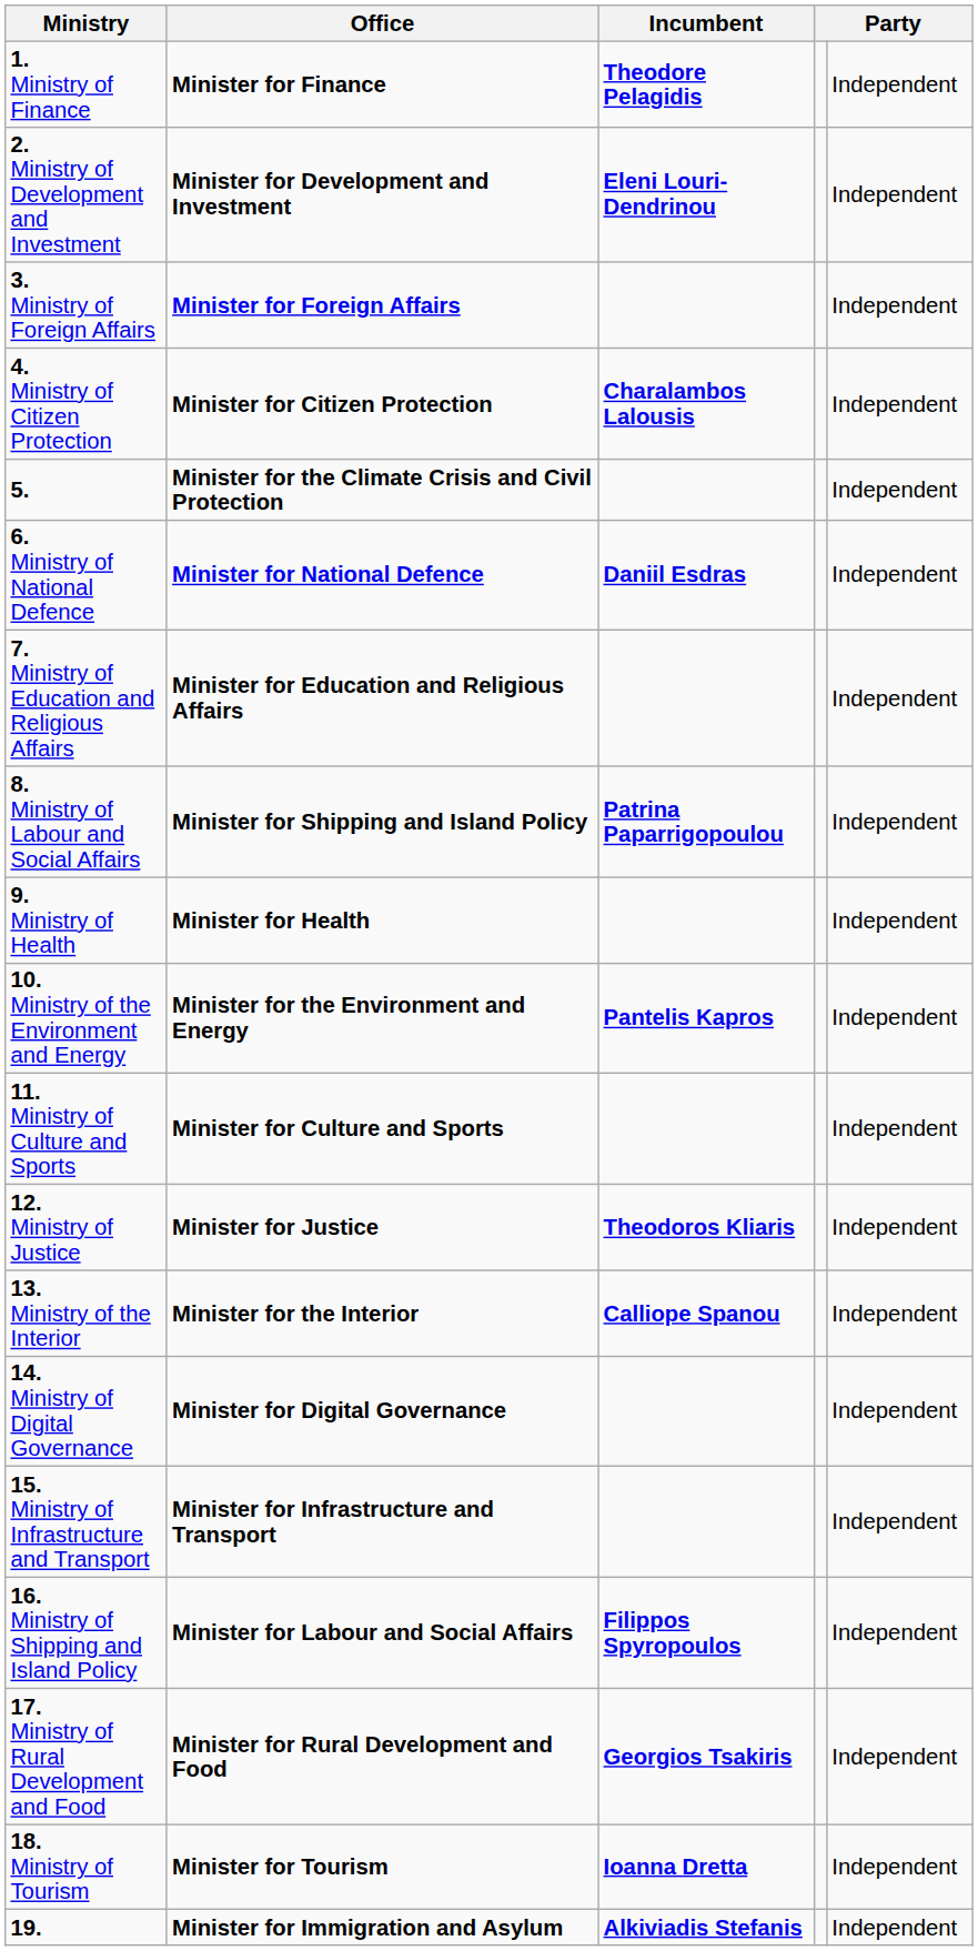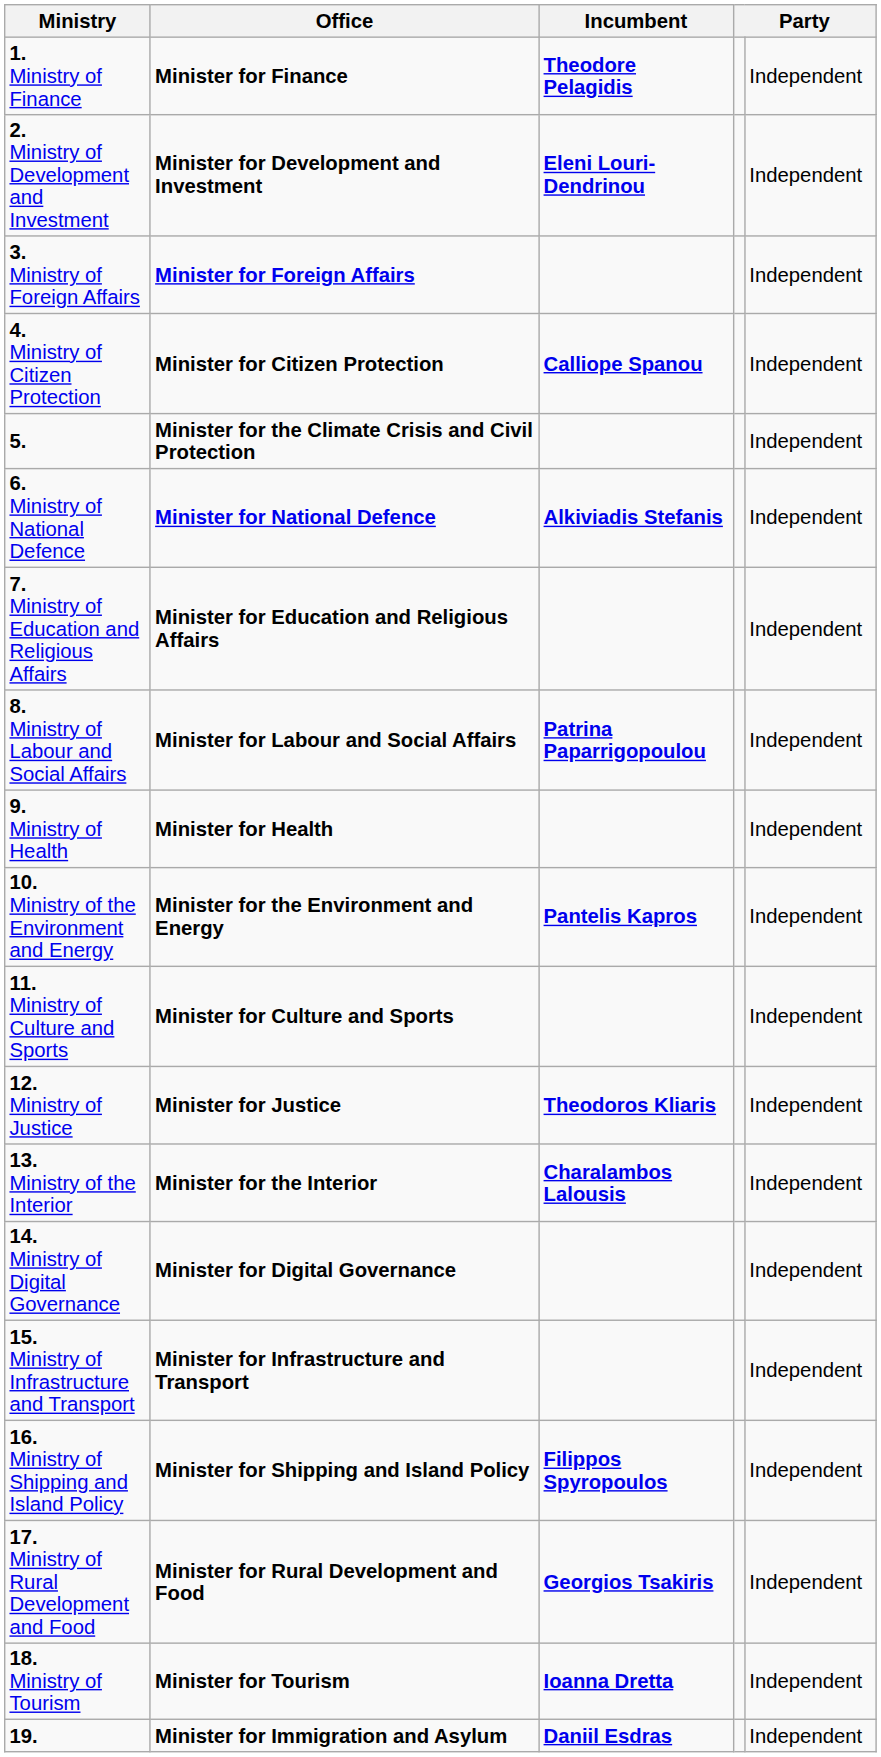 <table class="wikitable" style="width: 70%; font-size: 90%;">
 <tr>
 <th width="15%">Ministry</th>
 <th width="40%">Office</th>
 <th width="20%">Incumbent</th>
 <th width="10%" colspan="2">Party</th>
 </tr>
 <tr>
 <td rowspan=1><strong>1.</strong><br><a href='#'>Ministry of Finance</a></td>
 <td><strong>Minister for Finance</strong></td>
 <td><strong><a href='#'>Theodore Pelagidis</a></strong></td>
 <td width=5px style="background-color: "></td>
 <td>Independent</td>
 </tr>
 <tr>
 <td rowspan=1><strong>2.</strong><br><a href='#'>Ministry of Development and Investment</a></td>
 <td><strong>Minister for Development and Investment</strong></td>
 <td><strong><a href='#'>Eleni Louri-Dendrinou</a></strong></td>
 <td width=5px style="background-color: "></td>
 <td>Independent</td>
 </tr>
 <tr>
 <td rowspan=1><strong>3.</strong><br><a href='#'>Ministry of Foreign Affairs</a></td>
 <td><strong><a href='#'>Minister for Foreign Affairs</a></strong></td>
 <td><strong></strong></td>
 <td width=5px style="background-color: "></td>
 <td>Independent</td>
 </tr>
 <tr>
 <td rowspan=1><strong>4.</strong><br><a href='#'>Ministry of Citizen Protection</a></td>
 <td><strong>Minister for Citizen Protection</strong></td>
-<td><strong><a href='#'>Charalambos Lalousis</a></strong></td>
+<td><strong><a href='#'>Calliope Spanou</a></strong></td>
 <td width=5px style="background-color: "></td>
 <td>Independent</td>
 </tr>
 <tr>
 <td rowspan=1><strong>5.</strong><br></td>
 <td><strong>Minister for the Climate Crisis and Civil Protection</strong></td>
 <td><strong></strong></td>
 <td width=5px style="background-color: "></td>
 <td>Independent</td>
 </tr>
 <tr>
 <td rowspan=1><strong>6.</strong><br><a href='#'>Ministry of National Defence</a></td>
 <td><strong><a href='#'>Minister for National Defence</a></strong></td>
-<td><strong><a href='#'>Daniil Esdras</a></strong></td>
+<td><strong><a href='#'>Alkiviadis Stefanis</a></strong></td>
 <td width=5px style="background-color: "></td>
 <td>Independent</td>
 </tr>
 <tr>
 <td rowspan=1><strong>7.</strong><br><a href='#'>Ministry of Education and Religious Affairs</a></td>
 <td><strong>Minister for Education and Religious Affairs</strong></td>
 <td><strong></strong></td>
 <td width=5px style="background-color: "></td>
 <td>Independent</td>
 </tr>
 <tr>
 <td rowspan=1><strong>8.</strong><br><a href='#'>Ministry of Labour and Social Affairs</a></td>
-<td><strong>Minister for Shipping and Island Policy</strong></td>
+<td><strong>Minister for Labour and Social Affairs</strong></td>
 <td><strong><a href='#'>Patrina Paparrigopoulou</a></strong></td>
 <td width=5px style="background-color: "></td>
 <td>Independent</td>
 </tr>
 <tr>
 <td rowspan=1><strong>9.</strong><br><a href='#'>Ministry of Health</a></td>
 <td><strong>Minister for Health</strong></td>
 <td><strong></strong></td>
 <td width=5px style="background-color: "></td>
 <td>Independent</td>
 </tr>
 <tr>
 <td rowspan=1><strong>10.</strong><br><a href='#'>Ministry of the Environment and Energy</a></td>
 <td><strong>Minister for the Environment and Energy</strong></td>
 <td><strong><a href='#'>Pantelis Kapros</a></strong></td>
 <td width=5px style="background-color: "></td>
 <td>Independent</td>
 </tr>
 <tr>
 <td rowspan=1><strong>11.</strong><br><a href='#'>Ministry of Culture and Sports</a></td>
 <td><strong>Minister for Culture and Sports</strong></td>
 <td><strong></strong></td>
 <td width=5px style="background-color: "></td>
 <td>Independent</td>
 </tr>
 <tr>
 <td rowspan=1><strong>12.</strong><br><a href='#'>Ministry of Justice</a></td>
 <td><strong>Minister for Justice</strong></td>
 <td><strong><a href='#'>Theodoros Kliaris</a></strong></td>
 <td width=5px style="background-color: "></td>
 <td>Independent</td>
 </tr>
 <tr>
 <td rowspan=1><strong>13.</strong><br><a href='#'>Ministry of the Interior</a></td>
 <td><strong>Minister for the Interior</strong></td>
-<td><strong><a href='#'>Calliope Spanou</a></strong></td>
+<td><strong><a href='#'>Charalambos Lalousis</a></strong></td>
 <td width=5px style="background-color: "></td>
 <td>Independent</td>
 </tr>
 <tr>
 <td rowspan=1><strong>14.</strong><br><a href='#'>Ministry of Digital Governance</a></td>
 <td><strong>Minister for Digital Governance</strong></td>
 <td><strong></strong></td>
 <td width=5px style="background-color: "></td>
 <td>Independent</td>
 </tr>
 <tr>
 <td rowspan=1><strong>15.</strong><br><a href='#'>Ministry of Infrastructure and Transport</a></td>
 <td><strong>Minister for Infrastructure and Transport</strong></td>
 <td><strong></strong></td>
 <td width=5px style="background-color: "></td>
 <td>Independent</td>
 </tr>
 <tr>
 <td rowspan=1><strong>16.</strong><br><a href='#'>Ministry of Shipping and Island Policy</a></td>
-<td><strong>Minister for Labour and Social Affairs</strong></td>
+<td><strong>Minister for Shipping and Island Policy</strong></td>
 <td><strong><a href='#'>Filippos Spyropoulos</a></strong></td>
 <td width=5px style="background-color: "></td>
 <td>Independent</td>
 </tr>
 <tr>
 <td rowspan=1><strong>17.</strong><br><a href='#'>Ministry of Rural Development and Food</a></td>
 <td><strong>Minister for Rural Development and Food</strong></td>
 <td><strong><a href='#'>Georgios Tsakiris</a></strong></td>
 <td width=5px style="background-color: "></td>
 <td>Independent</td>
 </tr>
 <tr>
 <td rowspan=1><strong>18.</strong><br><a href='#'>Ministry of Tourism</a></td>
 <td><strong>Minister for Tourism</strong></td>
 <td><strong><a href='#'>Ioanna Dretta</a></strong></td>
 <td width=5px style="background-color: "></td>
 <td>Independent</td>
 </tr>
 <tr>
 <td rowspan=1><strong>19.</strong><br></td>
 <td><strong>Minister for Immigration and Asylum</strong></td>
-<td><strong><a href='#'>Alkiviadis Stefanis</a></strong></td>
+<td><strong><a href='#'>Daniil Esdras</a></strong></td>
 <td width=5px style="background-color: "></td>
 <td>Independent</td>
 </tr>
 </table>
